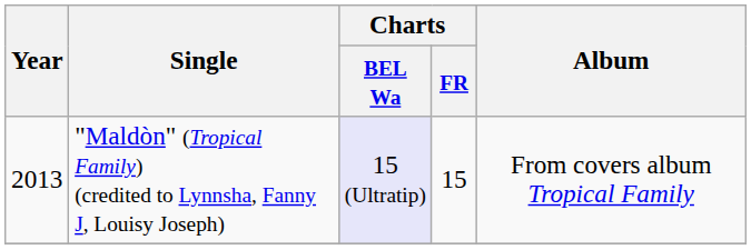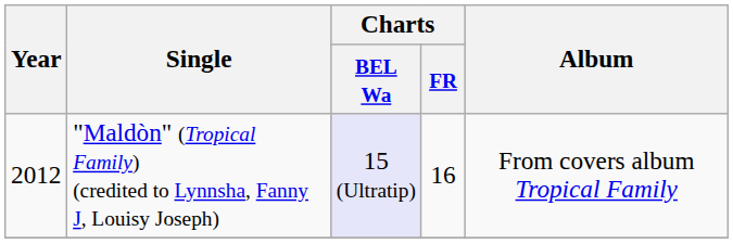 <table class="wikitable">
 <tr>
 <th align="center" rowspan="2" width="10">Year</th>
 <th align="center" rowspan="2" width="160">Single</th>
 <th align="center" colspan="2">Charts</th>
 <th align="center" rowspan="2" width="160">Album</th>
 </tr>
 <tr>
 <th width="20"><small><a href='#'>BEL <br>Wa</a></small><br></th>
 <th width="20"><small><a href='#'>FR</a></small><br></th>
 </tr>
 <tr>
-<td align="center" rowspan="1">2013</td>
+<td align="center" rowspan="1">2012</td>
 <td>"<a href='#'>Maldòn</a>" <small>(<em><a href='#'>Tropical Family</a></em>)</small><br><small>(credited to <a href='#'>Lynnsha</a>, <a href='#'>Fanny J</a>, Louisy Joseph)</small></td>
 <td align="center" style="background: lavender;">15<br><small>(Ultratip)</small></td>
-<td align="center">15</td>
+<td align="center">16</td>
 <td align="center">From covers album <br><em><a href='#'>Tropical Family</a></em></td>
 </tr>
 <tr>
 </tr>
 </table>
